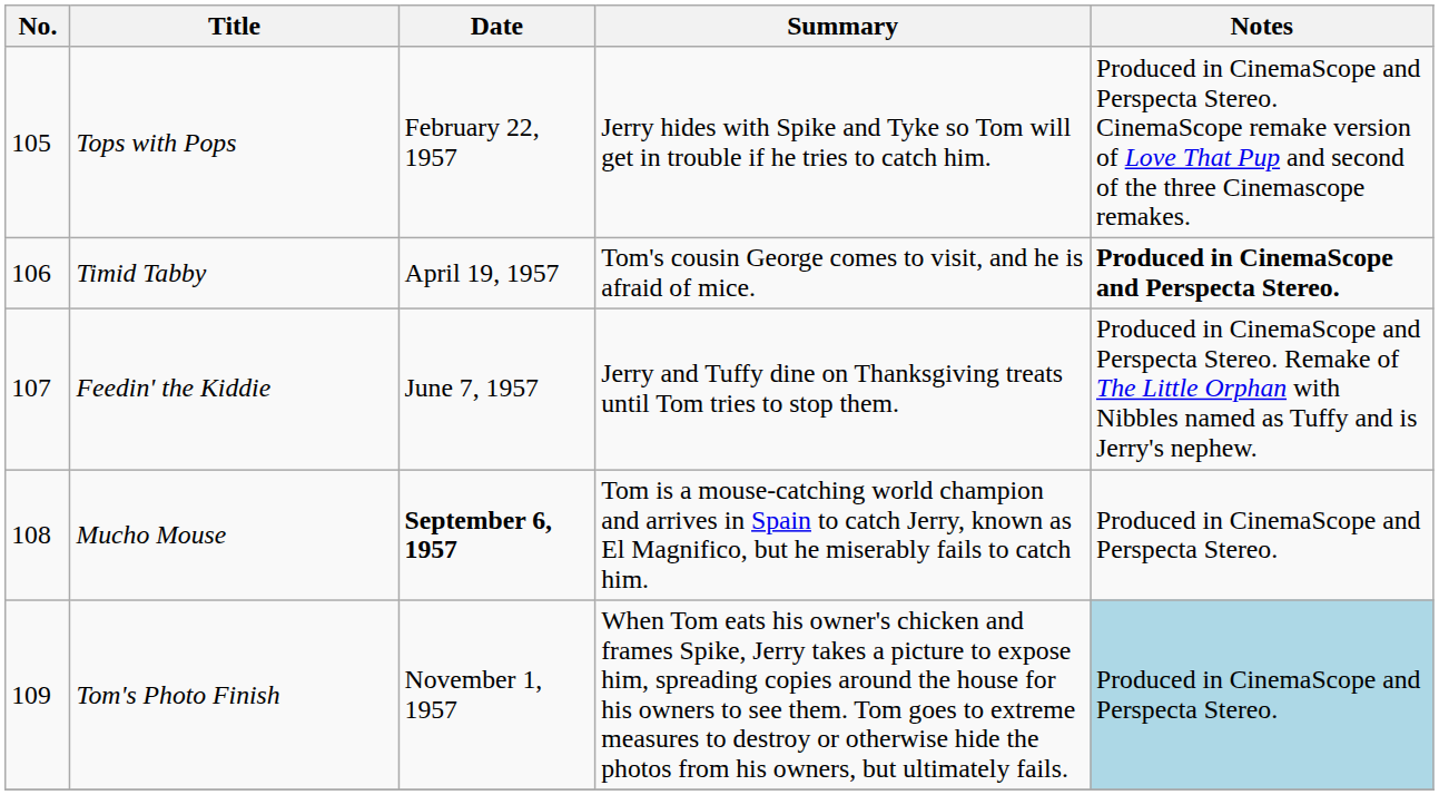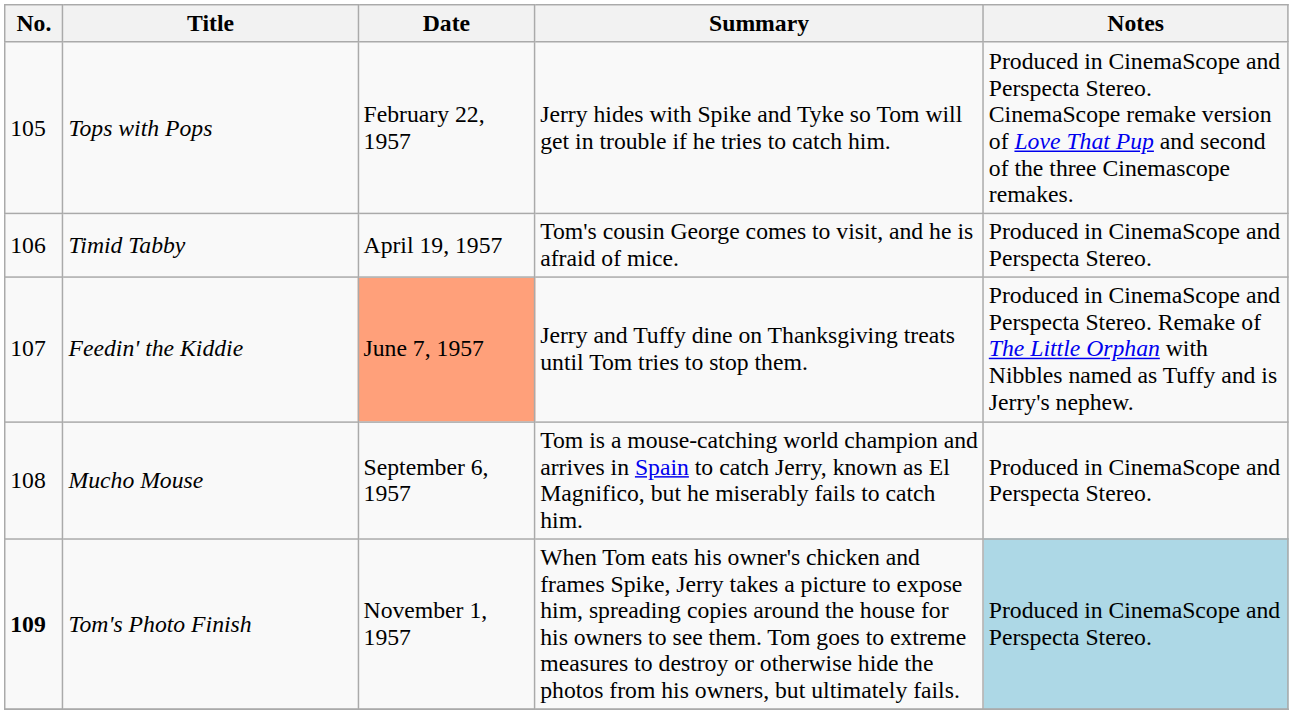 <table class="wikitable">
 <tr>
 <th style="width:2em">No.</th>
 <th style="width:12em">Title</th>
 <th style="width:7em">Date</th>
 <th>Summary</th>
 <th>Notes</th>
 </tr>
 <tr>
 <td>105</td>
 <td><em>Tops with Pops</em></td>
 <td>February 22, 1957</td>
 <td>Jerry hides with Spike and Tyke so Tom will get in trouble if he tries to catch him.</td>
 <td>Produced in CinemaScope and Perspecta Stereo. CinemaScope remake version of <em><a href='#'>Love That Pup</a></em> and second of the three Cinemascope remakes.</td>
 </tr>
 <tr>
 <td>106</td>
 <td><em>Timid Tabby</em></td>
 <td>April 19, 1957</td>
 <td>Tom's cousin George comes to visit, and he is afraid of mice.</td>
-<td><strong>Produced in CinemaScope and Perspecta Stereo.</strong></td>
+<td>Produced in CinemaScope and Perspecta Stereo.</td>
 </tr>
 <tr>
 <td>107</td>
 <td><em>Feedin' the Kiddie</em></td>
-<td>June 7, 1957</td>
+<td style="background: lightsalmon;">June 7, 1957</td>
 <td>Jerry and Tuffy dine on Thanksgiving treats until Tom tries to stop them.</td>
 <td>Produced in CinemaScope and Perspecta Stereo. Remake of <em><a href='#'>The Little Orphan</a></em> with Nibbles  named as Tuffy and is Jerry's nephew.</td>
 </tr>
 <tr>
 <td>108</td>
 <td><em>Mucho Mouse</em></td>
-<td><strong>September 6, 1957</strong></td>
+<td>September 6, 1957</td>
 <td>Tom is a mouse-catching world champion and arrives in <a href='#'>Spain</a> to catch Jerry, known as El Magnifico, but he miserably fails to catch him.</td>
 <td>Produced in CinemaScope and Perspecta Stereo.</td>
 </tr>
 <tr>
-<td>109</td>
+<td><strong>109</strong></td>
 <td><em>Tom's Photo Finish</em></td>
 <td>November 1, 1957</td>
 <td>When Tom eats his owner's chicken and frames Spike, Jerry takes a picture to expose him, spreading copies around the house for his owners to see them. Tom goes to extreme measures to destroy or otherwise hide the photos from his owners, but ultimately fails.</td>
 <td style="background: lightblue;">Produced in CinemaScope and Perspecta Stereo.</td>
 </tr>
 <tr>
 </tr>
 </table>
